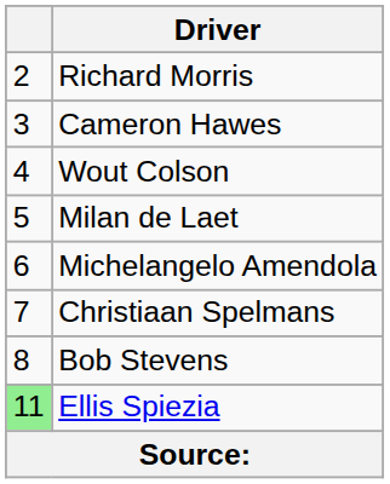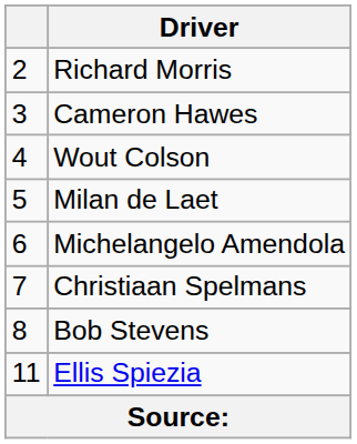 <table class="wikitable" style="font-size: 85%;">
 <tr>
 <th></th>
 <th>Driver</th>
 </tr>
 <tr>
 <td>2</td>
 <td> Richard Morris</td>
 </tr>
 <tr>
 <td>3</td>
 <td> Cameron Hawes</td>
 </tr>
 <tr>
 <td>4</td>
 <td> Wout Colson</td>
 </tr>
 <tr>
 <td>5</td>
 <td> Milan de Laet</td>
 </tr>
 <tr>
 <td>6</td>
 <td nowrap> Michelangelo Amendola</td>
 </tr>
 <tr>
 <td>7</td>
 <td> Christiaan Spelmans</td>
 </tr>
 <tr>
 <td>8</td>
 <td> Bob Stevens</td>
 </tr>
 <tr>
-<td style="background: lightgreen;">11</td>
+<td>11</td>
 <td> <a href='#'>Ellis Spiezia</a></td>
 </tr>
 <tr>
 <th colspan="2">Source: </th>
 </tr>
 </table>
